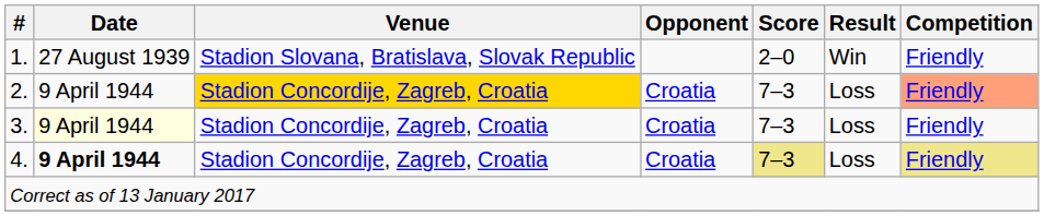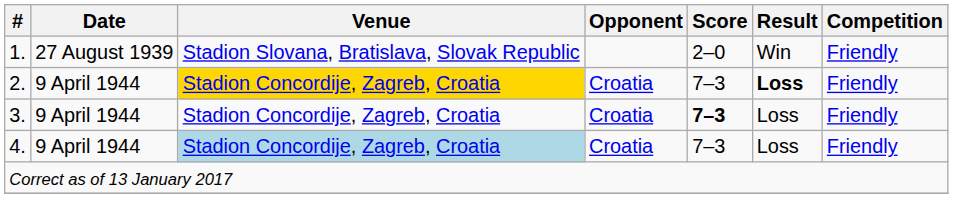 <table class="wikitable" style="font-size:95%;">
 <tr>
 <th>#</th>
 <th>Date</th>
 <th>Venue</th>
 <th>Opponent</th>
 <th>Score</th>
 <th>Result</th>
 <th>Competition</th>
 </tr>
 <tr>
 <td>1.</td>
 <td>27 August 1939</td>
 <td><a href='#'>Stadion Slovana</a>, <a href='#'>Bratislava</a>, <a href='#'>Slovak Republic</a></td>
 <td></td>
 <td>2–0</td>
 <td>Win</td>
 <td><a href='#'>Friendly</a></td>
 </tr>
 <tr>
 <td>2.</td>
 <td>9 April 1944</td>
 <td style="background: gold;"><a href='#'>Stadion Concordije</a>, <a href='#'>Zagreb</a>, <a href='#'>Croatia</a></td>
 <td> <a href='#'>Croatia</a></td>
 <td>7–3</td>
-<td>Loss</td>
-<td style="background: lightsalmon;"><a href='#'>Friendly</a></td>
+<td><strong>Loss</strong></td>
+<td><a href='#'>Friendly</a></td>
 </tr>
 <tr>
 <td>3.</td>
-<td style="background: lightyellow;">9 April 1944</td>
+<td>9 April 1944</td>
 <td><a href='#'>Stadion Concordije</a>, <a href='#'>Zagreb</a>, <a href='#'>Croatia</a></td>
 <td> <a href='#'>Croatia</a></td>
-<td>7–3</td>
+<td><strong>7–3</strong></td>
 <td>Loss</td>
 <td><a href='#'>Friendly</a></td>
 </tr>
 <tr>
 <td>4.</td>
-<td><strong>9 April 1944</strong></td>
-<td><a href='#'>Stadion Concordije</a>, <a href='#'>Zagreb</a>, <a href='#'>Croatia</a></td>
+<td>9 April 1944</td>
+<td style="background: lightblue;"><a href='#'>Stadion Concordije</a>, <a href='#'>Zagreb</a>, <a href='#'>Croatia</a></td>
 <td> <a href='#'>Croatia</a></td>
-<td style="background: khaki;">7–3</td>
+<td>7–3</td>
 <td>Loss</td>
-<td style="background: khaki;"><a href='#'>Friendly</a></td>
+<td><a href='#'>Friendly</a></td>
 </tr>
 <tr>
 <td colspan="12"><small><em>Correct as of 13 January 2017</em></small></td>
 </tr>
 <tr>
 </tr>
 </table>
